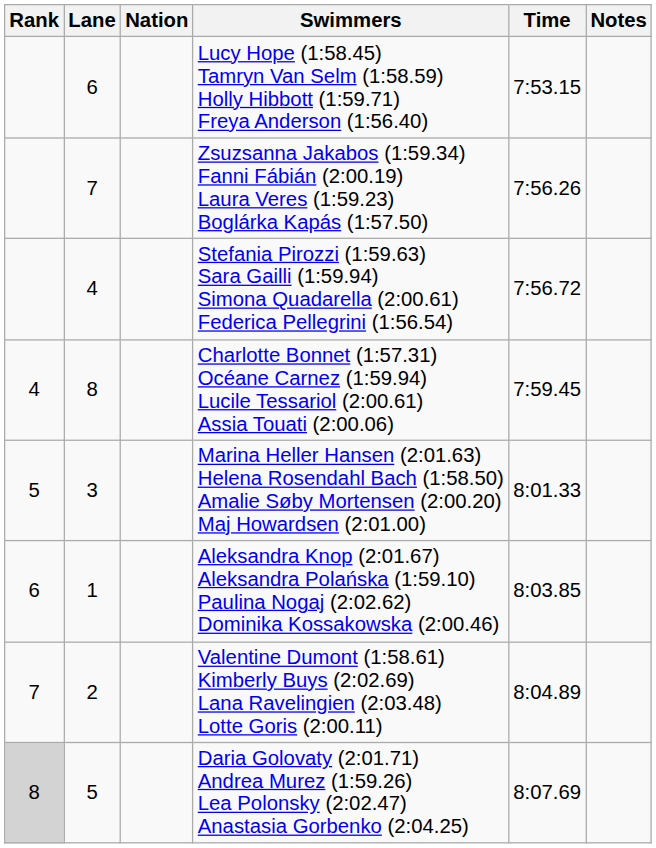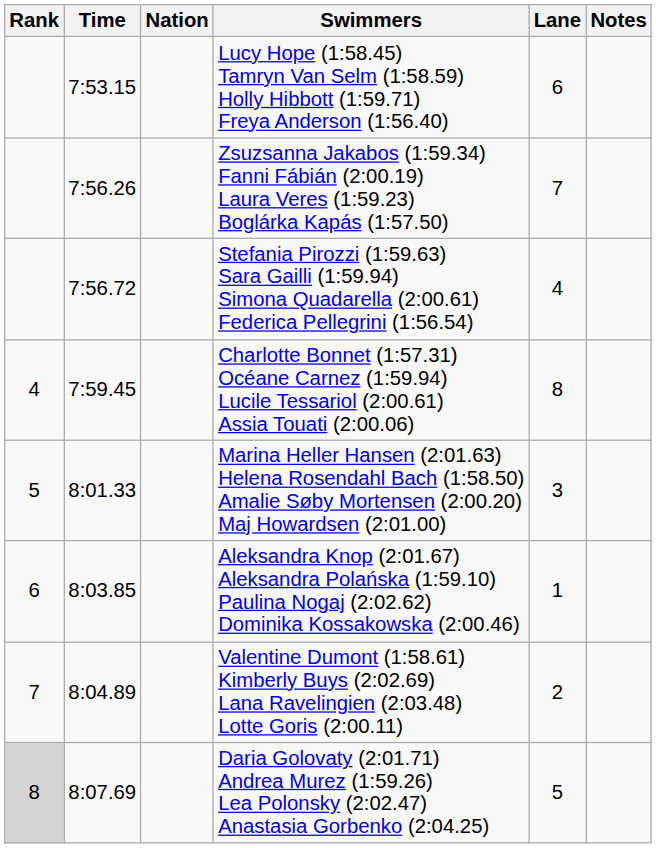 <table class="wikitable sortable" style="text-align:center">
 <tr>
 <th>Rank</th>
-<th>Lane</th>
+<th>Time</th>
 <th>Nation</th>
 <th>Swimmers</th>
-<th>Time</th>
+<th>Lane</th>
 <th>Notes</th>
 </tr>
 <tr>
 <td></td>
-<td>6</td>
+<td>7:53.15</td>
 <td align=left></td>
 <td align=left><a href='#'>Lucy Hope</a> (1:58.45)<br><a href='#'>Tamryn Van Selm</a> (1:58.59)<br><a href='#'>Holly Hibbott</a> (1:59.71)<br><a href='#'>Freya Anderson</a> (1:56.40)</td>
-<td>7:53.15</td>
+<td>6</td>
 <td></td>
 </tr>
 <tr>
 <td></td>
-<td>7</td>
+<td>7:56.26</td>
 <td align=left></td>
 <td align=left><a href='#'>Zsuzsanna Jakabos</a> (1:59.34)<br><a href='#'>Fanni Fábián</a> (2:00.19)<br><a href='#'>Laura Veres</a> (1:59.23)<br><a href='#'>Boglárka Kapás</a> (1:57.50)</td>
-<td>7:56.26</td>
+<td>7</td>
 <td></td>
 </tr>
 <tr>
 <td></td>
-<td>4</td>
+<td>7:56.72</td>
 <td align=left></td>
 <td align=left><a href='#'>Stefania Pirozzi</a> (1:59.63)<br><a href='#'>Sara Gailli</a> (1:59.94)<br><a href='#'>Simona Quadarella</a> (2:00.61)<br><a href='#'>Federica Pellegrini</a> (1:56.54)</td>
-<td>7:56.72</td>
+<td>4</td>
 <td></td>
 </tr>
 <tr>
 <td>4</td>
-<td>8</td>
+<td>7:59.45</td>
 <td align=left></td>
 <td align=left><a href='#'>Charlotte Bonnet</a> (1:57.31)<br><a href='#'>Océane Carnez</a> (1:59.94)<br><a href='#'>Lucile Tessariol</a> (2:00.61)<br><a href='#'>Assia Touati</a> (2:00.06)</td>
-<td>7:59.45</td>
+<td>8</td>
 <td></td>
 </tr>
 <tr>
 <td>5</td>
-<td>3</td>
+<td>8:01.33</td>
 <td align=left></td>
 <td align=left><a href='#'>Marina Heller Hansen</a> (2:01.63)<br><a href='#'>Helena Rosendahl Bach</a> (1:58.50)<br><a href='#'>Amalie Søby Mortensen</a> (2:00.20)<br><a href='#'>Maj Howardsen</a> (2:01.00)</td>
-<td>8:01.33</td>
+<td>3</td>
 <td></td>
 </tr>
 <tr>
 <td>6</td>
-<td>1</td>
+<td>8:03.85</td>
 <td align=left></td>
 <td align=left><a href='#'>Aleksandra Knop</a> (2:01.67)<br><a href='#'>Aleksandra Polańska</a> (1:59.10)<br><a href='#'>Paulina Nogaj</a> (2:02.62)<br><a href='#'>Dominika Kossakowska</a> (2:00.46)</td>
-<td>8:03.85</td>
+<td>1</td>
 <td></td>
 </tr>
 <tr>
 <td>7</td>
-<td>2</td>
+<td>8:04.89</td>
 <td align=left></td>
 <td align=left><a href='#'>Valentine Dumont</a> (1:58.61)<br><a href='#'>Kimberly Buys</a> (2:02.69)<br><a href='#'>Lana Ravelingien</a> (2:03.48)<br><a href='#'>Lotte Goris</a> (2:00.11)</td>
-<td>8:04.89</td>
+<td>2</td>
 <td></td>
 </tr>
 <tr>
 <td style="background: lightgrey;">8</td>
-<td>5</td>
+<td>8:07.69</td>
 <td align=left></td>
 <td align=left><a href='#'>Daria Golovaty</a> (2:01.71)<br><a href='#'>Andrea Murez</a> (1:59.26)<br><a href='#'>Lea Polonsky</a> (2:02.47)<br><a href='#'>Anastasia Gorbenko</a> (2:04.25)</td>
-<td>8:07.69</td>
+<td>5</td>
 <td></td>
 </tr>
 </table>
